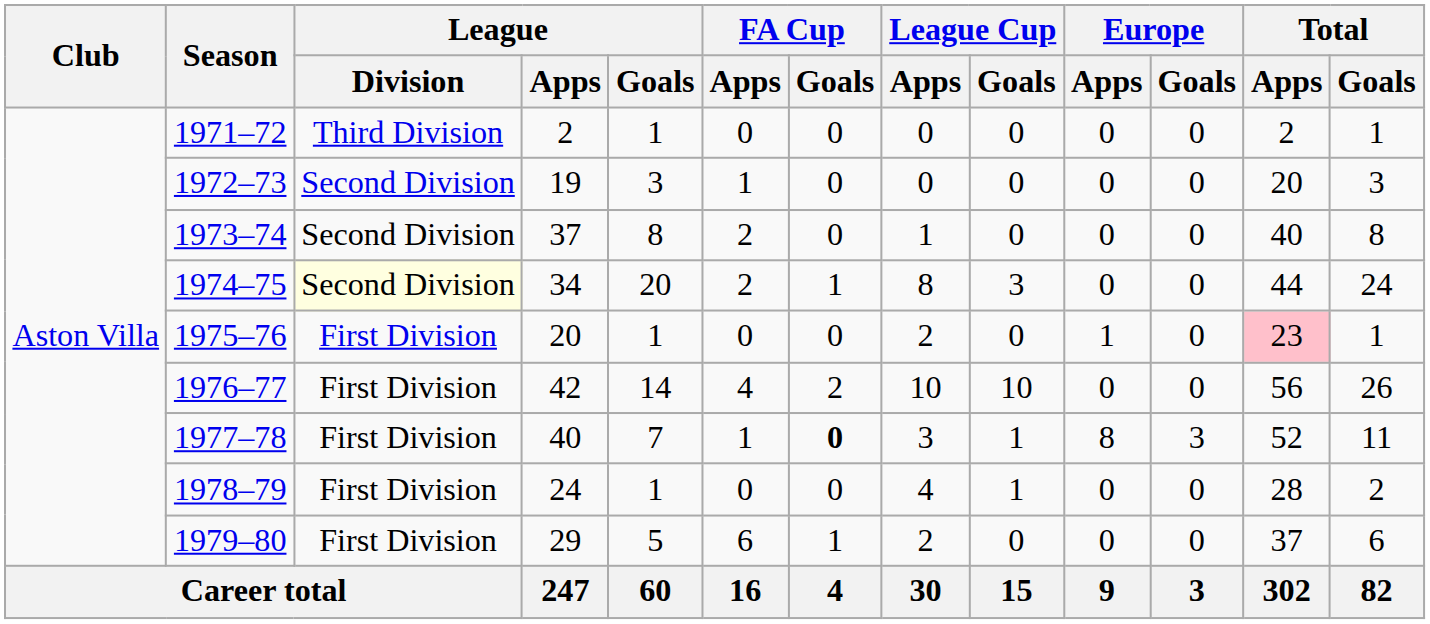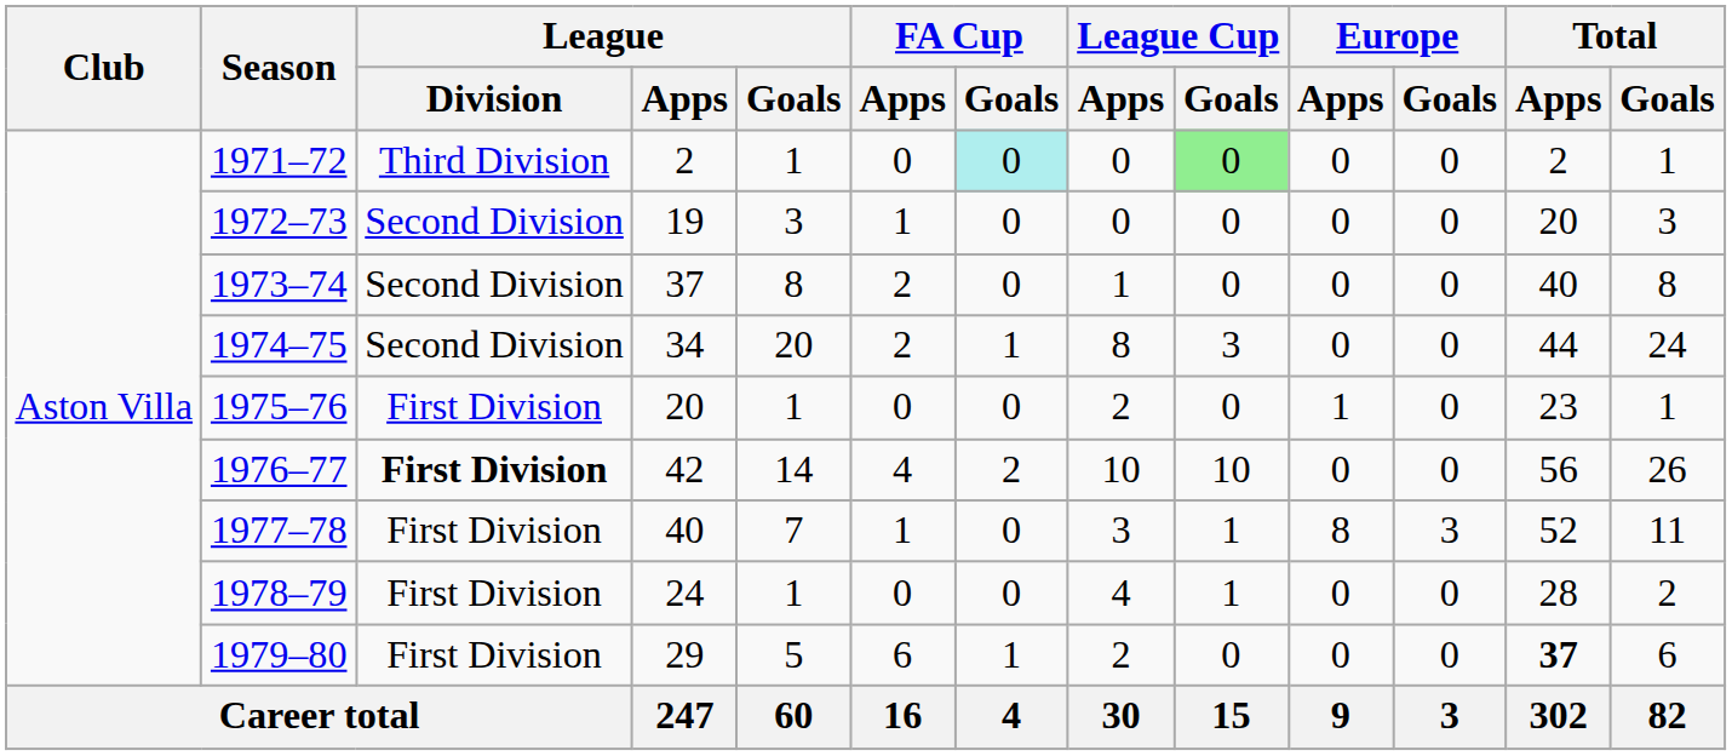 <table class="wikitable" style="text-align: center;">
 <tr>
 <th rowspan="2">Club</th>
 <th rowspan="2">Season</th>
 <th colspan="3">League</th>
 <th colspan="2"><a href='#'>FA Cup</a></th>
 <th colspan="2"><a href='#'>League Cup</a></th>
 <th colspan="2"><a href='#'>Europe</a></th>
 <th colspan="2">Total</th>
 </tr>
 <tr>
 <th>Division</th>
 <th>Apps</th>
 <th>Goals</th>
 <th>Apps</th>
 <th>Goals</th>
 <th>Apps</th>
 <th>Goals</th>
 <th>Apps</th>
 <th>Goals</th>
 <th>Apps</th>
 <th>Goals</th>
 </tr>
 <tr>
 <td rowspan="9"><a href='#'>Aston Villa</a></td>
 <td><a href='#'>1971–72</a></td>
 <td><a href='#'>Third Division</a></td>
 <td>2</td>
 <td>1</td>
 <td>0</td>
+<td style="background: paleturquoise;">0</td>
 <td>0</td>
-<td>0</td>
-<td>0</td>
+<td style="background: lightgreen;">0</td>
 <td>0</td>
 <td>0</td>
 <td>2</td>
 <td>1</td>
 </tr>
 <tr>
 <td><a href='#'>1972–73</a></td>
 <td><a href='#'>Second Division</a></td>
 <td>19</td>
 <td>3</td>
 <td>1</td>
 <td>0</td>
 <td>0</td>
 <td>0</td>
 <td>0</td>
 <td>0</td>
 <td>20</td>
 <td>3</td>
 </tr>
 <tr>
 <td><a href='#'>1973–74</a></td>
 <td>Second Division</td>
 <td>37</td>
 <td>8</td>
 <td>2</td>
 <td>0</td>
 <td>1</td>
 <td>0</td>
 <td>0</td>
 <td>0</td>
 <td>40</td>
 <td>8</td>
 </tr>
 <tr>
 <td><a href='#'>1974–75</a></td>
-<td style="background: lightyellow;">Second Division</td>
+<td>Second Division</td>
 <td>34</td>
 <td>20</td>
 <td>2</td>
 <td>1</td>
 <td>8</td>
 <td>3</td>
 <td>0</td>
 <td>0</td>
 <td>44</td>
 <td>24</td>
 </tr>
 <tr>
 <td><a href='#'>1975–76</a></td>
 <td><a href='#'>First Division</a></td>
 <td>20</td>
 <td>1</td>
 <td>0</td>
 <td>0</td>
 <td>2</td>
 <td>0</td>
 <td>1</td>
 <td>0</td>
-<td style="background: pink;">23</td>
+<td>23</td>
 <td>1</td>
 </tr>
 <tr>
 <td><a href='#'>1976–77</a></td>
-<td>First Division</td>
+<td><strong>First Division</strong></td>
 <td>42</td>
 <td>14</td>
 <td>4</td>
 <td>2</td>
 <td>10</td>
 <td>10</td>
 <td>0</td>
 <td>0</td>
 <td>56</td>
 <td>26</td>
 </tr>
 <tr>
 <td><a href='#'>1977–78</a></td>
 <td>First Division</td>
 <td>40</td>
 <td>7</td>
 <td>1</td>
-<td><strong>0</strong></td>
+<td>0</td>
 <td>3</td>
 <td>1</td>
 <td>8</td>
 <td>3</td>
 <td>52</td>
 <td>11</td>
 </tr>
 <tr>
 <td><a href='#'>1978–79</a></td>
 <td>First Division</td>
 <td>24</td>
 <td>1</td>
 <td>0</td>
 <td>0</td>
 <td>4</td>
 <td>1</td>
 <td>0</td>
 <td>0</td>
 <td>28</td>
 <td>2</td>
 </tr>
 <tr>
 <td><a href='#'>1979–80</a></td>
 <td>First Division</td>
 <td>29</td>
 <td>5</td>
 <td>6</td>
 <td>1</td>
 <td>2</td>
 <td>0</td>
 <td>0</td>
 <td>0</td>
-<td>37</td>
+<td><strong>37</strong></td>
 <td>6</td>
 </tr>
 <tr>
 <th colspan="3">Career total</th>
 <th>247</th>
 <th>60</th>
 <th>16</th>
 <th>4</th>
 <th>30</th>
 <th>15</th>
 <th>9</th>
 <th>3</th>
 <th>302</th>
 <th>82</th>
 </tr>
 </table>
